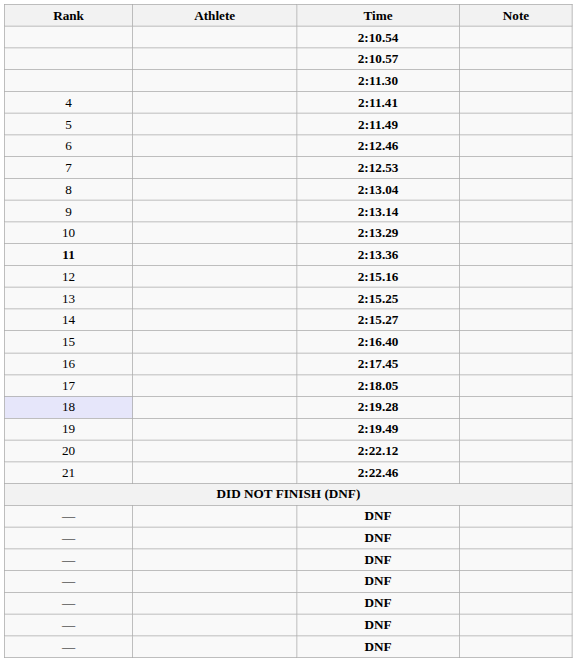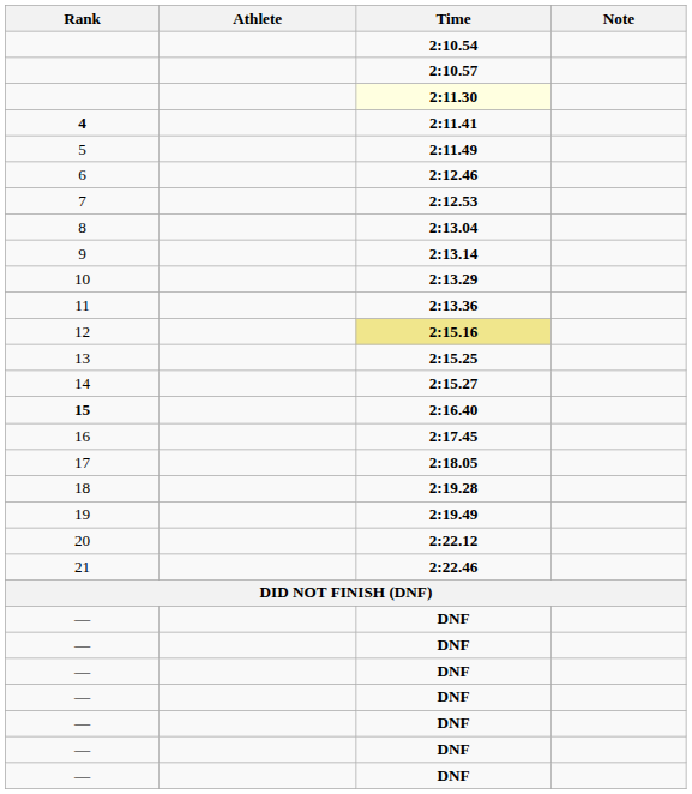 <table class="wikitable" style=" text-align:center; font-size:110%;" width="60%">
 <tr>
 <th>Rank</th>
 <th>Athlete</th>
 <th>Time</th>
 <th>Note</th>
 </tr>
 <tr>
 <td></td>
 <td align=left></td>
 <td align="center"><strong>2:10.54</strong></td>
 <td></td>
 </tr>
 <tr>
 <td></td>
 <td align=left></td>
 <td align="center"><strong>2:10.57</strong></td>
 <td></td>
 </tr>
 <tr>
 <td></td>
 <td align=left></td>
-<td align="center"><strong>2:11.30</strong></td>
+<td align="center" style="background: lightyellow;"><strong>2:11.30</strong></td>
 <td></td>
 </tr>
 <tr>
-<td>4</td>
+<td><strong>4</strong></td>
 <td align=left></td>
 <td align="center"><strong>2:11.41</strong></td>
 <td></td>
 </tr>
 <tr>
 <td>5</td>
 <td align=left></td>
 <td align="center"><strong>2:11.49</strong></td>
 <td></td>
 </tr>
 <tr>
 <td>6</td>
 <td align=left></td>
 <td align="center"><strong>2:12.46</strong></td>
 <td></td>
 </tr>
 <tr>
 <td>7</td>
 <td align=left></td>
 <td align="center"><strong>2:12.53</strong></td>
 <td></td>
 </tr>
 <tr>
 <td>8</td>
 <td align=left></td>
 <td align="center"><strong>2:13.04</strong></td>
 <td></td>
 </tr>
 <tr>
 <td>9</td>
 <td align=left></td>
 <td align="center"><strong>2:13.14</strong></td>
 <td></td>
 </tr>
 <tr>
 <td>10</td>
 <td align=left></td>
 <td align="center"><strong>2:13.29</strong></td>
 <td></td>
 </tr>
 <tr>
-<td><strong>11</strong></td>
+<td>11</td>
 <td align=left></td>
 <td align="center"><strong>2:13.36</strong></td>
 <td></td>
 </tr>
 <tr>
 <td>12</td>
 <td align=left></td>
-<td align="center"><strong>2:15.16</strong></td>
+<td align="center" style="background: khaki;"><strong>2:15.16</strong></td>
 <td></td>
 </tr>
 <tr>
 <td>13</td>
 <td align=left></td>
 <td align="center"><strong>2:15.25</strong></td>
 <td></td>
 </tr>
 <tr>
 <td>14</td>
 <td align=left></td>
 <td align="center"><strong>2:15.27</strong></td>
 <td></td>
 </tr>
 <tr>
-<td>15</td>
+<td><strong>15</strong></td>
 <td align=left></td>
 <td align="center"><strong>2:16.40</strong></td>
 <td></td>
 </tr>
 <tr>
 <td>16</td>
 <td align=left></td>
 <td align="center"><strong>2:17.45</strong></td>
 <td></td>
 </tr>
 <tr>
 <td>17</td>
 <td align=left></td>
 <td align="center"><strong>2:18.05</strong></td>
 <td></td>
 </tr>
 <tr>
-<td style="background: lavender;">18</td>
+<td>18</td>
 <td align=left></td>
 <td align="center"><strong>2:19.28</strong></td>
 <td></td>
 </tr>
 <tr>
 <td>19</td>
 <td align=left></td>
 <td align="center"><strong>2:19.49</strong></td>
 <td></td>
 </tr>
 <tr>
 <td>20</td>
 <td align=left></td>
 <td align="center"><strong>2:22.12</strong></td>
 <td></td>
 </tr>
 <tr>
 <td>21</td>
 <td align=left></td>
 <td align="center"><strong>2:22.46</strong></td>
 <td></td>
 </tr>
 <tr>
 <th colspan="4">DID NOT FINISH (DNF)</th>
 </tr>
 <tr>
 <td>—</td>
 <td align=left></td>
 <td><strong>DNF</strong></td>
 <td></td>
 </tr>
 <tr>
 <td>—</td>
 <td align=left></td>
 <td><strong>DNF</strong></td>
 <td></td>
 </tr>
 <tr>
 <td>—</td>
 <td align=left></td>
 <td><strong>DNF</strong></td>
 <td></td>
 </tr>
 <tr>
 <td>—</td>
 <td align=left></td>
 <td><strong>DNF</strong></td>
 <td></td>
 </tr>
 <tr>
 <td>—</td>
 <td align=left></td>
 <td><strong>DNF</strong></td>
 <td></td>
 </tr>
 <tr>
 <td>—</td>
 <td align=left></td>
 <td><strong>DNF</strong></td>
 <td></td>
 </tr>
 <tr>
 <td>—</td>
 <td align=left></td>
 <td><strong>DNF</strong></td>
 <td></td>
 </tr>
 </table>
